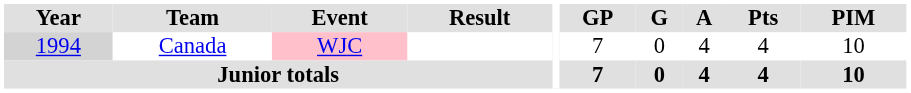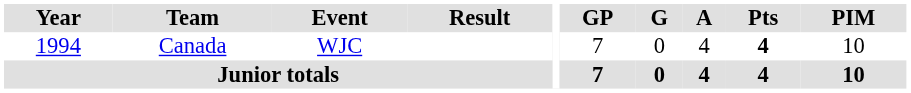 <table border="0" cellpadding="1" cellspacing="0" ID="Table3" style="text-align:center; width:40em;">
 <tr bgcolor="#e0e0e0">
 <th>Year</th>
 <th>Team</th>
 <th>Event</th>
 <th>Result</th>
 <th rowspan="99" bgcolor="#ffffff"></th>
 <th>GP</th>
 <th>G</th>
 <th>A</th>
 <th>Pts</th>
 <th>PIM</th>
 </tr>
 <tr>
-<td style="background: lightgrey;"><a href='#'>1994</a></td>
+<td><a href='#'>1994</a></td>
 <td><a href='#'>Canada</a></td>
-<td style="background: pink;"><a href='#'>WJC</a></td>
+<td><a href='#'>WJC</a></td>
 <td></td>
 <td>7</td>
 <td>0</td>
 <td>4</td>
-<td>4</td>
+<td><strong>4</strong></td>
 <td>10</td>
 </tr>
 <tr bgcolor="#e0e0e0">
 <th colspan="4">Junior totals</th>
 <th>7</th>
 <th>0</th>
 <th>4</th>
 <th>4</th>
 <th>10</th>
 </tr>
 </table>
